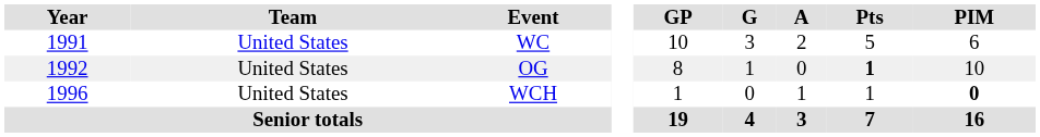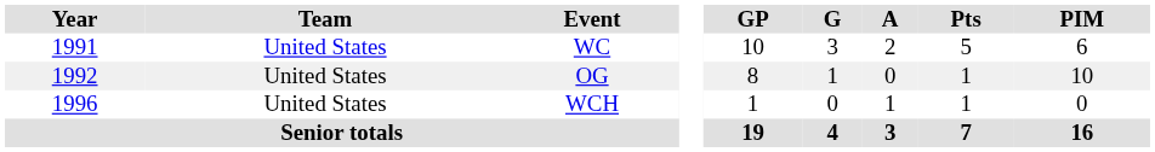 <table border="0" cellpadding="1" cellspacing="0" style="text-align:center; width:50em">
 <tr ALIGN="center" bgcolor="#e0e0e0">
 <th>Year</th>
 <th>Team</th>
 <th>Event</th>
 <th ALIGN="center" rowspan="99" bgcolor="#ffffff"> </th>
 <th>GP</th>
 <th>G</th>
 <th>A</th>
 <th>Pts</th>
 <th>PIM</th>
 </tr>
 <tr>
 <td><a href='#'>1991</a></td>
 <td><a href='#'>United States</a></td>
 <td><a href='#'>WC</a></td>
 <td>10</td>
 <td>3</td>
 <td>2</td>
 <td>5</td>
 <td>6</td>
 </tr>
 <tr bgcolor="#f0f0f0">
 <td><a href='#'>1992</a></td>
 <td>United States</td>
 <td><a href='#'>OG</a></td>
 <td>8</td>
 <td>1</td>
 <td>0</td>
-<td><strong>1</strong></td>
+<td>1</td>
 <td>10</td>
 </tr>
 <tr>
 <td><a href='#'>1996</a></td>
 <td>United States</td>
 <td><a href='#'>WCH</a></td>
 <td>1</td>
 <td>0</td>
 <td>1</td>
 <td>1</td>
-<td><strong>0</strong></td>
+<td>0</td>
 </tr>
 <tr bgcolor="#e0e0e0">
 <th colspan=3>Senior totals</th>
 <th>19</th>
 <th>4</th>
 <th>3</th>
 <th>7</th>
 <th>16</th>
 </tr>
 </table>
